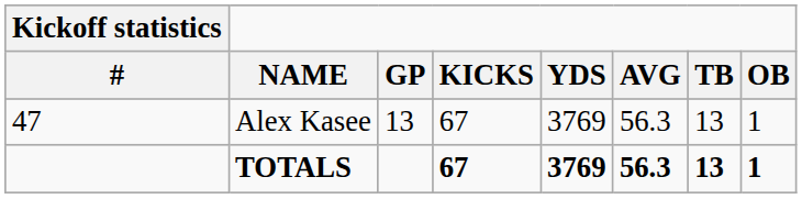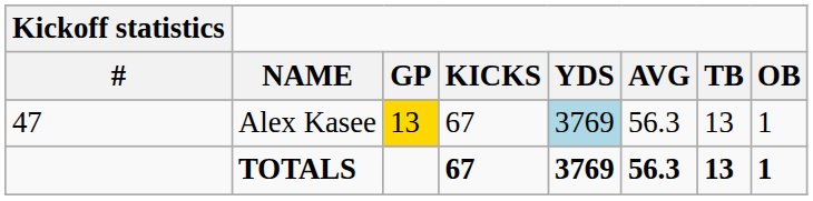 <table class="wikitable collapsible">
 <tr>
 <th style="text-align:center; ">Kickoff statistics</th>
 </tr>
 <tr>
 <th>#</th>
 <th>NAME</th>
 <th>GP</th>
 <th>KICKS</th>
 <th>YDS</th>
 <th>AVG</th>
 <th>TB</th>
 <th>OB</th>
 </tr>
 <tr>
 <td>47</td>
 <td>Alex Kasee</td>
-<td>13</td>
+<td style="background: gold;">13</td>
 <td>67</td>
-<td>3769</td>
+<td style="background: lightblue;">3769</td>
 <td>56.3</td>
 <td>13</td>
 <td>1</td>
 </tr>
 <tr>
 <td></td>
 <td><strong>TOTALS</strong></td>
 <td></td>
 <td><strong>67</strong></td>
 <td><strong>3769</strong></td>
 <td><strong>56.3</strong></td>
 <td><strong>13</strong></td>
 <td><strong>1</strong></td>
 </tr>
 </table>
